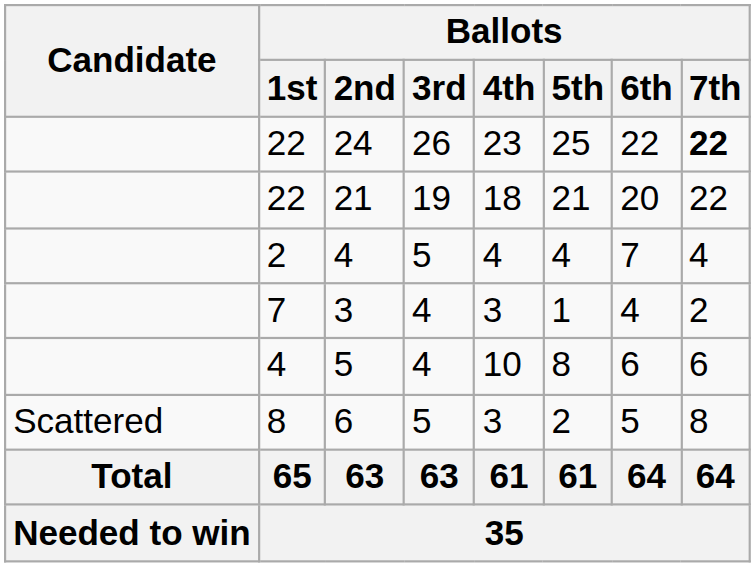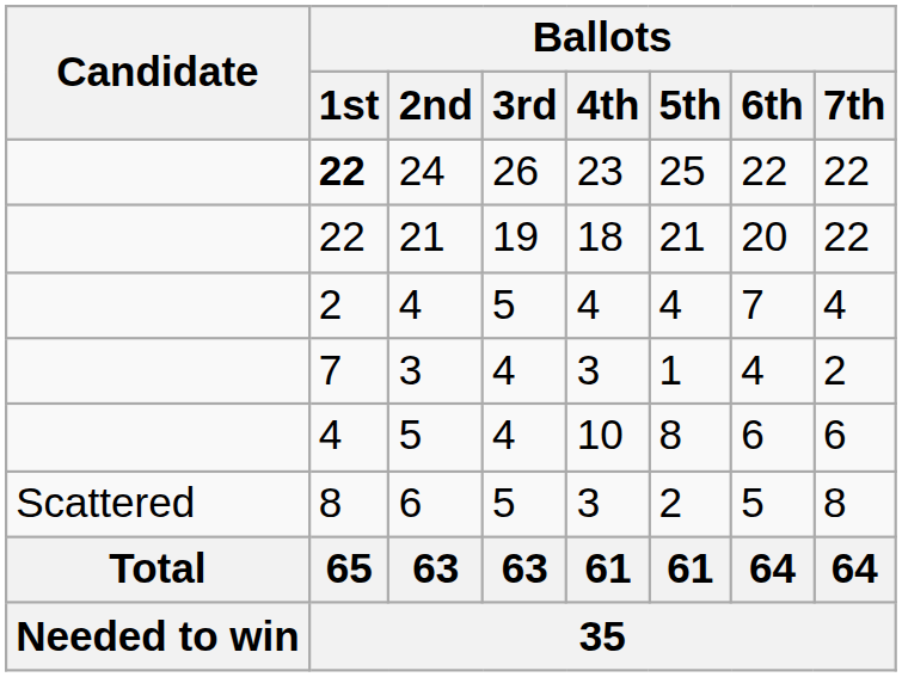 <table class="wikitable sortable">
 <tr>
 <th rowspan="2">Candidate</th>
 <th colspan="7">Ballots</th>
 </tr>
 <tr>
 <th>1st</th>
 <th>2nd</th>
 <th>3rd</th>
 <th>4th</th>
 <th>5th</th>
 <th>6th</th>
 <th>7th</th>
 </tr>
 <tr>
 <td></td>
-<td>22</td>
+<td><strong>22</strong></td>
 <td>24</td>
 <td>26</td>
 <td>23</td>
 <td>25</td>
 <td>22</td>
-<td><strong>22</strong></td>
+<td>22</td>
 </tr>
 <tr>
 <td></td>
 <td>22</td>
 <td>21</td>
 <td>19</td>
 <td>18</td>
 <td>21</td>
 <td>20</td>
 <td>22</td>
 </tr>
 <tr>
 <td></td>
 <td>2</td>
 <td>4</td>
 <td>5</td>
 <td>4</td>
 <td>4</td>
 <td>7</td>
 <td>4</td>
 </tr>
 <tr>
 <td></td>
 <td>7</td>
 <td>3</td>
 <td>4</td>
 <td>3</td>
 <td>1</td>
 <td>4</td>
 <td>2</td>
 </tr>
 <tr>
 <td></td>
 <td>4</td>
 <td>5</td>
 <td>4</td>
 <td>10</td>
 <td>8</td>
 <td>6</td>
 <td>6</td>
 </tr>
 <tr class="sortbottom static-row-header">
 <td>Scattered</td>
 <td>8</td>
 <td>6</td>
 <td>5</td>
 <td>3</td>
 <td>2</td>
 <td>5</td>
 <td>8</td>
 </tr>
 <tr>
 <th>Total</th>
 <th>65</th>
 <th>63</th>
 <th>63</th>
 <th>61</th>
 <th>61</th>
 <th>64</th>
 <th>64</th>
 </tr>
 <tr>
 <th>Needed to win</th>
 <th colspan="7">35</th>
 </tr>
 </table>
